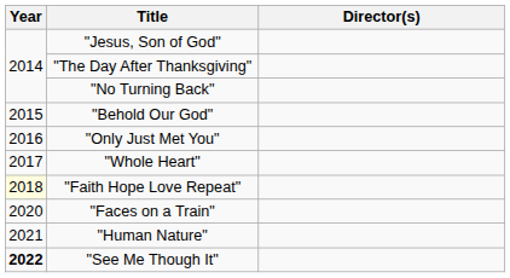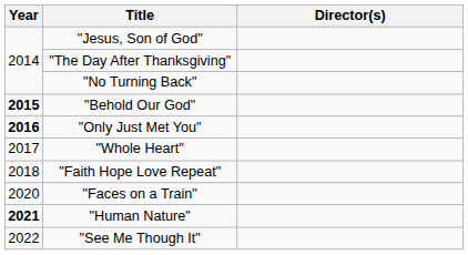 <table class="wikitable" style="text-align:center;">
 <tr>
 <th width="33">Year</th>
 <th style="width:215px;">Title</th>
 <th style="width:250px;">Director(s)</th>
 </tr>
 <tr>
 <td rowspan="3">2014</td>
 <td>"Jesus, Son of God"</td>
 <td></td>
 </tr>
 <tr>
 <td>"The Day After Thanksgiving"</td>
 <td></td>
 </tr>
 <tr>
 <td>"No Turning Back"</td>
 <td></td>
 </tr>
 <tr>
-<td>2015</td>
+<td><strong>2015</strong></td>
 <td>"Behold Our God"</td>
 <td></td>
 </tr>
 <tr>
-<td>2016</td>
+<td><strong>2016</strong></td>
 <td>"Only Just Met You"</td>
 <td></td>
 </tr>
 <tr>
 <td>2017</td>
 <td>"Whole Heart"</td>
 <td></td>
 </tr>
 <tr>
-<td style="background: lightyellow;">2018</td>
+<td>2018</td>
 <td>"Faith Hope Love Repeat"</td>
 <td></td>
 </tr>
 <tr>
 <td>2020</td>
 <td>"Faces on a Train"</td>
 <td></td>
 </tr>
 <tr>
-<td>2021</td>
+<td><strong>2021</strong></td>
 <td>"Human Nature"</td>
 <td></td>
 </tr>
 <tr>
-<td><strong>2022</strong></td>
+<td>2022</td>
 <td>"See Me Though It"</td>
 <td></td>
 </tr>
 </table>
